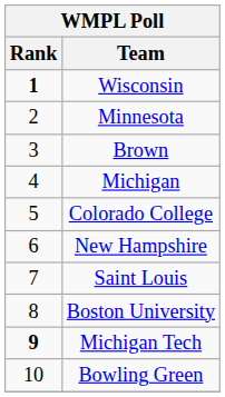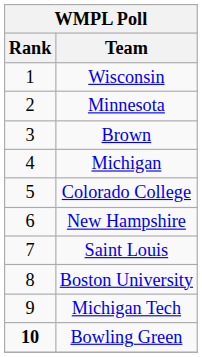 <table class="wikitable" style="text-align:center;">
 <tr>
 <th colspan=2><strong>WMPL Poll</strong></th>
 </tr>
 <tr>
 <th>Rank</th>
 <th>Team</th>
 </tr>
 <tr>
-<td><strong>1</strong></td>
+<td>1</td>
 <td><a href='#'>Wisconsin</a></td>
 </tr>
 <tr>
 <td>2</td>
 <td><a href='#'>Minnesota</a></td>
 </tr>
 <tr>
 <td>3</td>
 <td><a href='#'>Brown</a></td>
 </tr>
 <tr>
 <td>4</td>
 <td><a href='#'>Michigan</a></td>
 </tr>
 <tr>
 <td>5</td>
 <td><a href='#'>Colorado College</a></td>
 </tr>
 <tr>
 <td>6</td>
 <td><a href='#'>New Hampshire</a></td>
 </tr>
 <tr>
 <td>7</td>
 <td><a href='#'>Saint Louis</a></td>
 </tr>
 <tr>
 <td>8</td>
 <td><a href='#'>Boston University</a></td>
 </tr>
 <tr>
-<td><strong>9</strong></td>
+<td>9</td>
 <td><a href='#'>Michigan Tech</a></td>
 </tr>
 <tr>
-<td>10</td>
+<td><strong>10</strong></td>
 <td><a href='#'>Bowling Green</a></td>
 </tr>
 <tr>
 </tr>
 </table>
